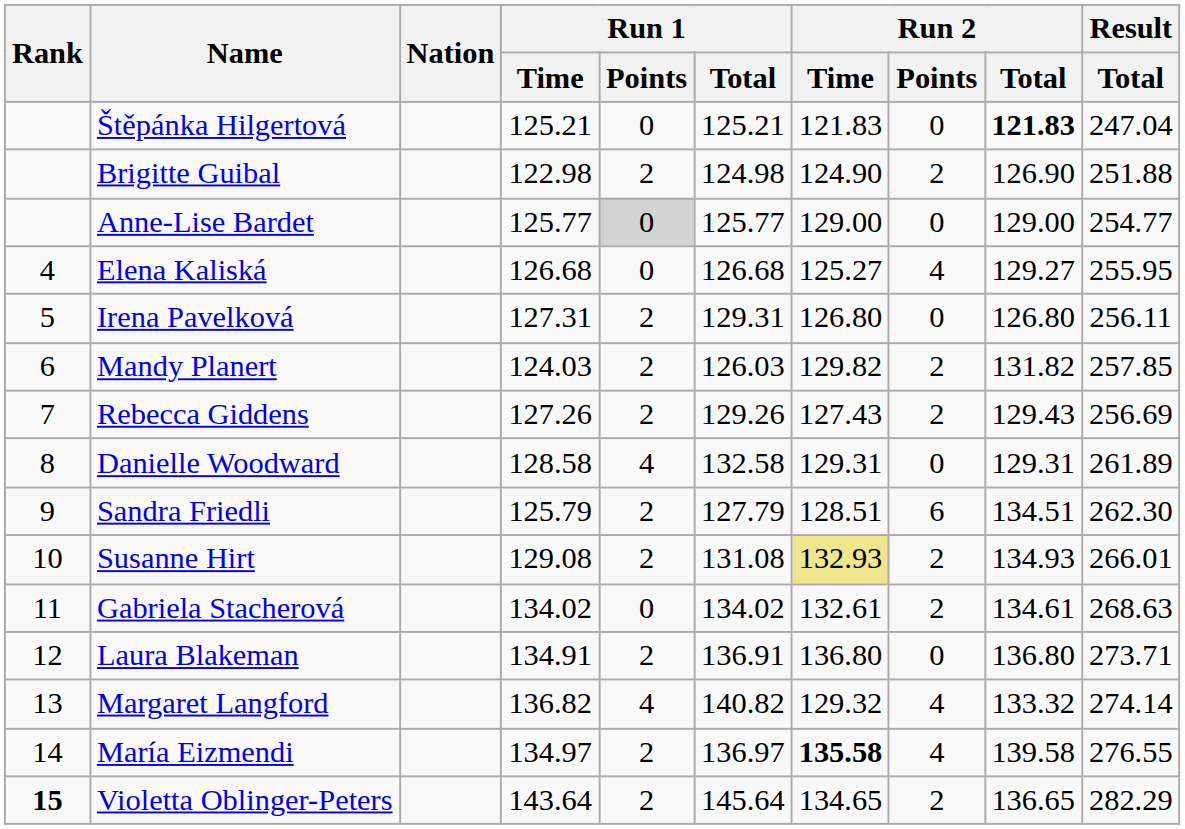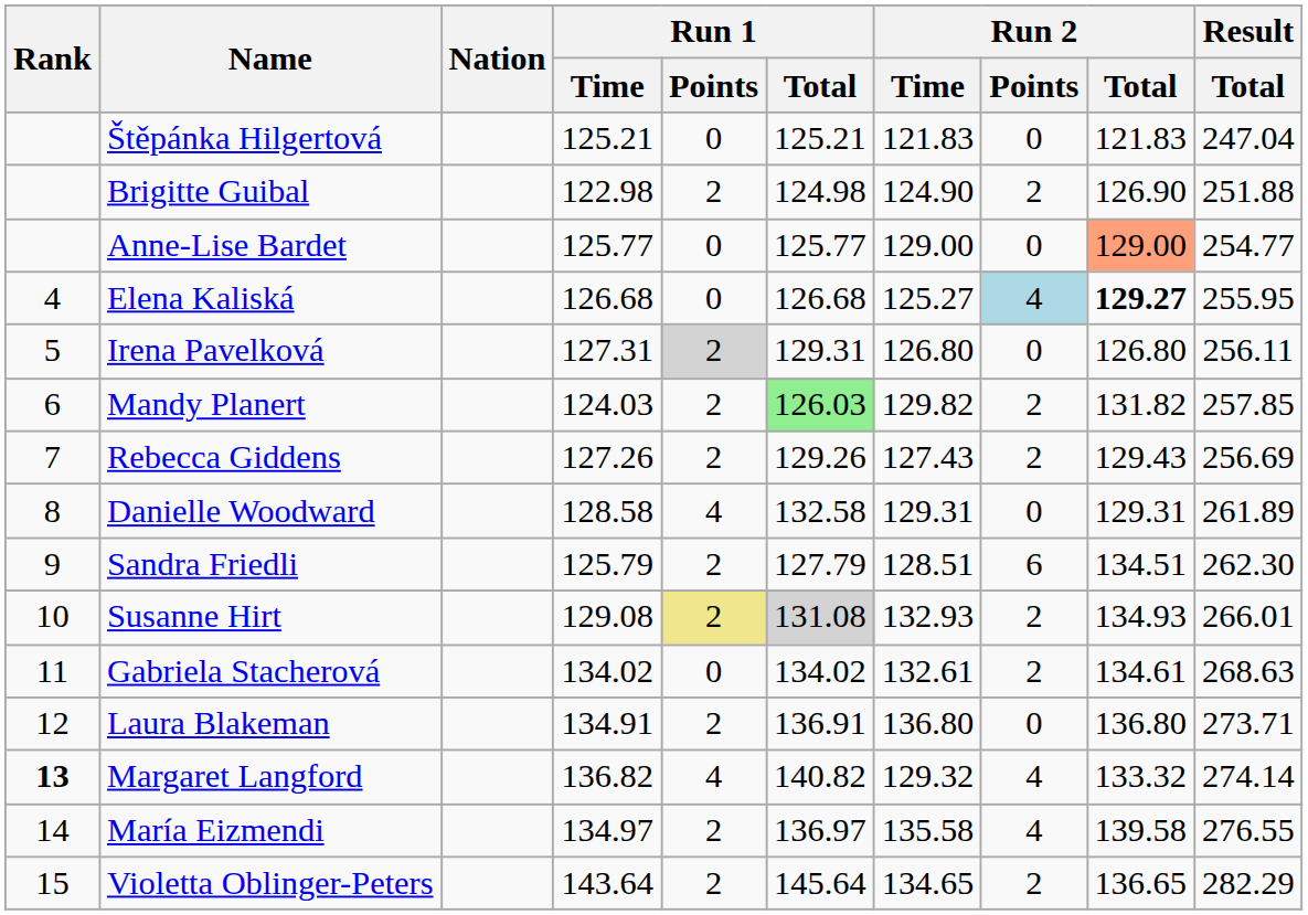 <table class="wikitable sortable" style="text-align:center">
 <tr>
 <th rowspan=2>Rank</th>
 <th rowspan=2>Name</th>
 <th rowspan=2>Nation</th>
 <th colspan=3>Run 1</th>
 <th colspan=3>Run 2</th>
 <th>Result</th>
 </tr>
 <tr>
 <th>Time</th>
 <th>Points</th>
 <th>Total</th>
 <th>Time</th>
 <th>Points</th>
 <th>Total</th>
 <th>Total</th>
 </tr>
 <tr>
 <td></td>
 <td align=left><a href='#'>Štěpánka Hilgertová</a></td>
 <td align=left></td>
 <td>125.21</td>
 <td>0</td>
 <td>125.21</td>
 <td>121.83</td>
 <td>0</td>
-<td><strong>121.83</strong></td>
+<td>121.83</td>
 <td>247.04</td>
 </tr>
 <tr>
 <td></td>
 <td align=left><a href='#'>Brigitte Guibal</a></td>
 <td align=left></td>
 <td>122.98</td>
 <td>2</td>
 <td>124.98</td>
 <td>124.90</td>
 <td>2</td>
 <td>126.90</td>
 <td>251.88</td>
 </tr>
 <tr>
 <td></td>
 <td align=left><a href='#'>Anne-Lise Bardet</a></td>
 <td align=left></td>
 <td>125.77</td>
-<td style="background: lightgrey;">0</td>
+<td>0</td>
 <td>125.77</td>
 <td>129.00</td>
 <td>0</td>
-<td>129.00</td>
+<td style="background: lightsalmon;">129.00</td>
 <td>254.77</td>
 </tr>
 <tr>
 <td>4</td>
 <td align=left><a href='#'>Elena Kaliská</a></td>
 <td align=left></td>
 <td>126.68</td>
 <td>0</td>
 <td>126.68</td>
 <td>125.27</td>
-<td>4</td>
-<td>129.27</td>
+<td style="background: lightblue;">4</td>
+<td><strong>129.27</strong></td>
 <td>255.95</td>
 </tr>
 <tr>
 <td>5</td>
 <td align=left><a href='#'>Irena Pavelková</a></td>
 <td align=left></td>
 <td>127.31</td>
-<td>2</td>
+<td style="background: lightgrey;">2</td>
 <td>129.31</td>
 <td>126.80</td>
 <td>0</td>
 <td>126.80</td>
 <td>256.11</td>
 </tr>
 <tr>
 <td>6</td>
 <td align=left><a href='#'>Mandy Planert</a></td>
 <td align=left></td>
 <td>124.03</td>
 <td>2</td>
-<td>126.03</td>
+<td style="background: lightgreen;">126.03</td>
 <td>129.82</td>
 <td>2</td>
 <td>131.82</td>
 <td>257.85</td>
 </tr>
 <tr>
 <td>7</td>
 <td align=left><a href='#'>Rebecca Giddens</a></td>
 <td align=left></td>
 <td>127.26</td>
 <td>2</td>
 <td>129.26</td>
 <td>127.43</td>
 <td>2</td>
 <td>129.43</td>
 <td>256.69</td>
 </tr>
 <tr>
 <td>8</td>
 <td align=left><a href='#'>Danielle Woodward</a></td>
 <td align=left></td>
 <td>128.58</td>
 <td>4</td>
 <td>132.58</td>
 <td>129.31</td>
 <td>0</td>
 <td>129.31</td>
 <td>261.89</td>
 </tr>
 <tr>
 <td>9</td>
 <td align=left><a href='#'>Sandra Friedli</a></td>
 <td align=left></td>
 <td>125.79</td>
 <td>2</td>
 <td>127.79</td>
 <td>128.51</td>
 <td>6</td>
 <td>134.51</td>
 <td>262.30</td>
 </tr>
 <tr>
 <td>10</td>
 <td align=left><a href='#'>Susanne Hirt</a></td>
 <td align=left></td>
 <td>129.08</td>
-<td>2</td>
-<td>131.08</td>
-<td style="background: khaki;">132.93</td>
+<td style="background: khaki;">2</td>
+<td style="background: lightgrey;">131.08</td>
+<td>132.93</td>
 <td>2</td>
 <td>134.93</td>
 <td>266.01</td>
 </tr>
 <tr>
 <td>11</td>
 <td align=left><a href='#'>Gabriela Stacherová</a></td>
 <td align=left></td>
 <td>134.02</td>
 <td>0</td>
 <td>134.02</td>
 <td>132.61</td>
 <td>2</td>
 <td>134.61</td>
 <td>268.63</td>
 </tr>
 <tr>
 <td>12</td>
 <td align=left><a href='#'>Laura Blakeman</a></td>
 <td align=left></td>
 <td>134.91</td>
 <td>2</td>
 <td>136.91</td>
 <td>136.80</td>
 <td>0</td>
 <td>136.80</td>
 <td>273.71</td>
 </tr>
 <tr>
-<td>13</td>
+<td><strong>13</strong></td>
 <td align=left><a href='#'>Margaret Langford</a></td>
 <td align=left></td>
 <td>136.82</td>
 <td>4</td>
 <td>140.82</td>
 <td>129.32</td>
 <td>4</td>
 <td>133.32</td>
 <td>274.14</td>
 </tr>
 <tr>
 <td>14</td>
 <td align=left><a href='#'>María Eizmendi</a></td>
 <td align=left></td>
 <td>134.97</td>
 <td>2</td>
 <td>136.97</td>
-<td><strong>135.58</strong></td>
+<td>135.58</td>
 <td>4</td>
 <td>139.58</td>
 <td>276.55</td>
 </tr>
 <tr>
-<td><strong>15</strong></td>
+<td>15</td>
 <td align=left><a href='#'>Violetta Oblinger-Peters</a></td>
 <td align=left></td>
 <td>143.64</td>
 <td>2</td>
 <td>145.64</td>
 <td>134.65</td>
 <td>2</td>
 <td>136.65</td>
 <td>282.29</td>
 </tr>
 </table>
